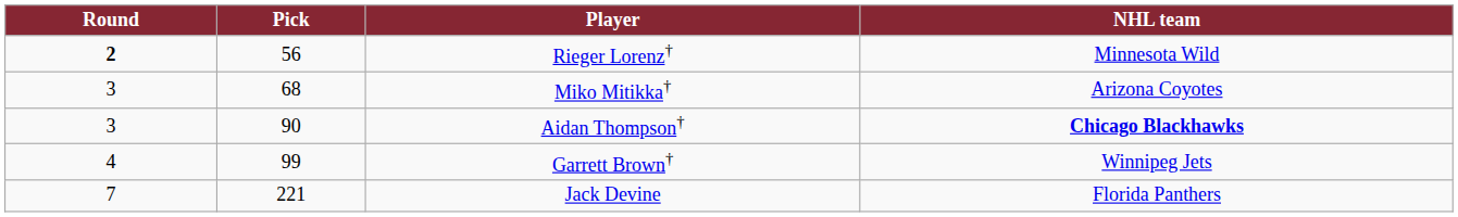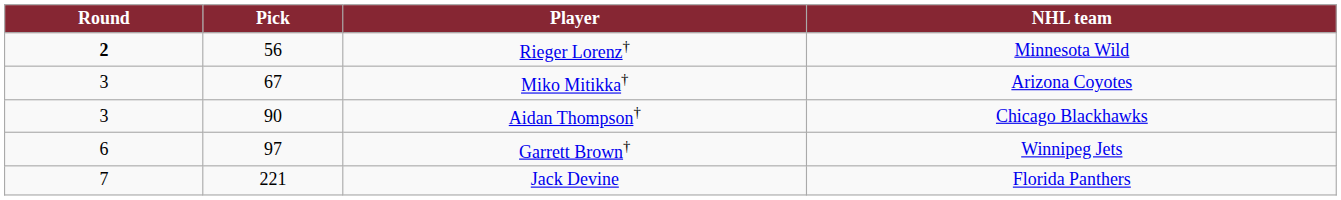 <table class="wikitable" width="60%">
 <tr>
 <th style="color:white; background:#862633; ">Round</th>
 <th style="color:white; background:#862633; ">Pick</th>
 <th style="color:white; background:#862633; ">Player</th>
 <th style="color:white; background:#862633; ">NHL team</th>
 </tr>
 <tr align="center" bgcolor="">
 <td><strong>2</strong></td>
 <td>56</td>
 <td><a href='#'>Rieger Lorenz</a><sup>†</sup></td>
 <td><a href='#'>Minnesota Wild</a></td>
 </tr>
 <tr align="center" bgcolor="">
 <td>3</td>
-<td>68</td>
+<td>67</td>
 <td><a href='#'>Miko Mitikka</a><sup>†</sup></td>
 <td><a href='#'>Arizona Coyotes</a></td>
 </tr>
 <tr align="center" bgcolor="">
 <td>3</td>
 <td>90</td>
 <td><a href='#'>Aidan Thompson</a><sup>†</sup></td>
-<td><strong><a href='#'>Chicago Blackhawks</a></strong></td>
+<td><a href='#'>Chicago Blackhawks</a></td>
 </tr>
 <tr align="center" bgcolor="">
-<td>4</td>
-<td>99</td>
+<td>6</td>
+<td>97</td>
 <td><a href='#'>Garrett Brown</a><sup>†</sup></td>
 <td><a href='#'>Winnipeg Jets</a></td>
 </tr>
 <tr align="center" bgcolor="">
 <td>7</td>
 <td>221</td>
 <td><a href='#'>Jack Devine</a></td>
 <td><a href='#'>Florida Panthers</a></td>
 </tr>
 </table>
